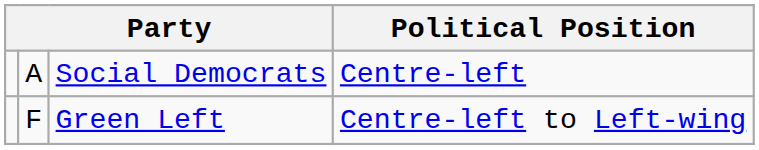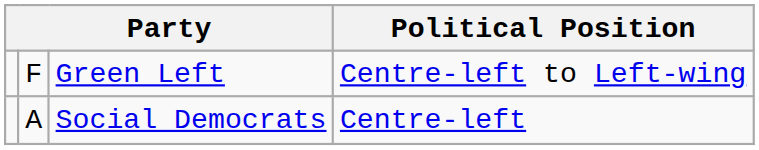 <table class="wikitable mw-collapsible mw-collapsed">
 <tr>
 <th colspan="3">Party</th>
 <th>Political Position</th>
 </tr>
 <tr>
 <td></td>
+<td>F</td>
+<td><a href='#'>Green Left</a></td>
+<td><a href='#'>Centre-left</a> to <a href='#'>Left-wing</a></td>
+</tr>
+<tr>
+<td></td>
 <td>A</td>
 <td><a href='#'>Social Democrats</a></td>
 <td><a href='#'>Centre-left</a></td>
 </tr>
-<tr>
-<td></td>
-<td>F</td>
-<td><a href='#'>Green Left</a></td>
-<td><a href='#'>Centre-left</a> to <a href='#'>Left-wing</a></td>
-</tr>
 </table>
